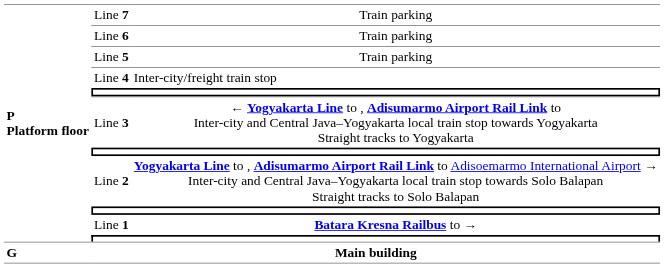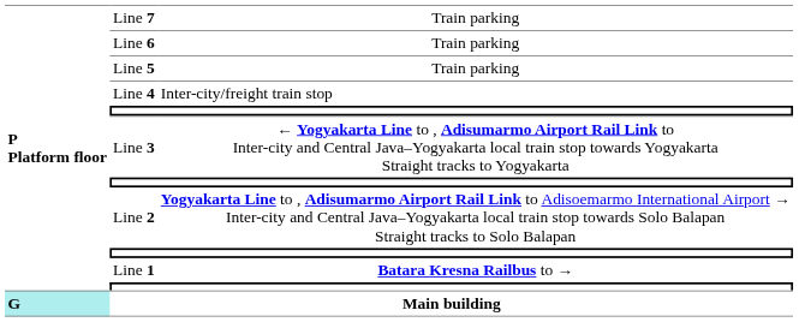 <table cellspacing="0" cellpadding="3">
 <tr>
 <td style="border-top:solid 1px gray" rowspan="11"><strong>P</strong><br><strong>Platform floor</strong></td>
 <td style="border-top:solid 1px gray;">Line <strong>7</strong></td>
 <td style="border-top:solid 1px gray;text-align:center">Train parking</td>
 </tr>
 <tr>
 <td style="border-top:solid 1px gray;">Line <strong>6</strong></td>
 <td style="border-top:solid 1px gray;text-align:center">Train parking</td>
 </tr>
 <tr>
 <td style="border-top:solid 1px gray">Line <strong>5</strong></td>
 <td style="text-align:center;border-top:solid 1px gray">Train parking</td>
 </tr>
 <tr>
 <td style="border-top:solid 1px gray">Line <strong>4</strong></td>
 <td style="border-top:solid 1px gray">Inter-city/freight train stop</td>
 </tr>
 <tr>
 <td colspan="2" style="border-top:solid 2px black;border-bottom:solid 2px black;border-left:solid 2px black;border-right:solid 2px black;text-align:center"></td>
 </tr>
 <tr>
 <td style="border-top:solid 1px gray">Line <strong>3</strong></td>
 <td style="border-top:solid 1px gray;text-align:center">←   <strong><a href='#'>Yogyakarta Line</a></strong> to , <strong><a href='#'>Adisumarmo Airport Rail Link</a></strong> to <br>Inter-city and Central Java–Yogyakarta local train stop towards Yogyakarta<br>Straight tracks to Yogyakarta</td>
 </tr>
 <tr>
 <td colspan="2" style="text-align:center;border-top:solid 2px black;border-bottom:solid 2px black;border-left:solid 2px black;border-right:solid 2px black;text-align:center"></td>
 </tr>
 <tr>
 <td>Line <strong>2</strong></td>
 <td style="text-align:center"> <strong><a href='#'>Yogyakarta Line</a></strong> to , <strong><a href='#'>Adisumarmo Airport Rail Link</a></strong> to <a href='#'>Adisoemarmo International Airport</a>  →<br>Inter-city and Central Java–Yogyakarta local train stop towards Solo Balapan<br>Straight tracks to Solo Balapan</td>
 </tr>
 <tr>
 <td colspan="2" style="text-align:center;border-top:solid 2px black;border-bottom:solid 2px black;border-left:solid 2px black;border-right:solid 2px black;text-align:center"></td>
 </tr>
 <tr>
 <td>Line <strong>1</strong></td>
 <td style="text-align:center"><strong><a href='#'>Batara Kresna Railbus</a></strong> to   →</td>
 </tr>
 <tr>
 <td colspan="2" style="border-top:solid 2px black;border-left:solid 2px black;border-right:solid 2px black;text-align:center"></td>
 </tr>
 <tr>
-<td style="border-top:solid 1px gray;border-bottom:solid 1px gray;"><strong>G</strong></td>
+<td style="background: paleturquoise; border-top:solid 1px gray;border-bottom:solid 1px gray;"><strong>G</strong></td>
 <td colspan="2" style="border-top:solid 1px gray;border-bottom:solid 1px gray;text-align:center"><strong>Main building</strong></td>
 </tr>
 <tr>
 </tr>
 </table>
